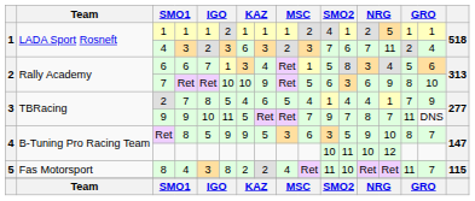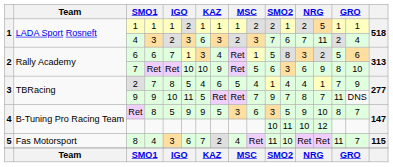 <table align=left| class="wikitable" style="font-size: 90%; text-align: center">
 <tr valign="top">
 <th valign="middle"></th>
 <th valign="middle">Team</th>
 <th colspan=2><a href='#'>SMO1</a></th>
 <th colspan=2><a href='#'>IGO</a></th>
 <th colspan=2><a href='#'>KAZ</a></th>
 <th colspan=2><a href='#'>MSC</a></th>
 <th colspan=2><a href='#'>SMO2</a></th>
 <th colspan=2><a href='#'>NRG</a></th>
 <th colspan=2><a href='#'>GRO</a></th>
 <th valign="middle"></th>
 </tr>
 <tr>
 <th rowspan="2">1</th>
 <td rowspan="2" align=left><a href='#'>LADA Sport</a> <a href='#'>Rosneft</a></td>
 <td style="background:#ffffbf;">1</td>
 <td style="background:#ffffbf;">1</td>
 <td style="background:#ffffbf;">1</td>
 <td style="background:#dfdfdf;">2</td>
 <td style="background:#ffffbf;">1</td>
 <td style="background:#ffffbf;">1</td>
 <td style="background:#ffffbf;">1</td>
 <td style="background:#dfdfdf;">2</td>
-<td style="background:#dfdfdf;">4</td>
+<td style="background:#dfdfdf;">2</td>
 <td style="background:#ffffbf;">1</td>
 <td style="background:#dfdfdf;">2</td>
 <td style="background:#ffdf9f;">5</td>
 <td style="background:#ffffbf;">1</td>
 <td style="background:#ffffbf;">1</td>
 <th rowspan="2">518</th>
 </tr>
 <tr>
 <td style="background:#dfffdf;">4</td>
 <td style="background:#ffdf9f;">3</td>
 <td style="background:#dfdfdf;">2</td>
 <td style="background:#ffdf9f;">3</td>
 <td style="background:#dfffdf;">6</td>
 <td style="background:#ffdf9f;">3</td>
 <td style="background:#dfdfdf;">2</td>
 <td style="background:#ffdf9f;">3</td>
 <td style="background:#dfffdf;">7</td>
 <td style="background:#dfffdf;">6</td>
 <td style="background:#dfffdf;">7</td>
 <td style="background:#dfffdf;">11</td>
 <td style="background:#dfdfdf;">2</td>
 <td style="background:#dfffdf;">4</td>
 </tr>
 <tr>
 <th rowspan="2">2</th>
 <td rowspan="2" align=left>Rally Academy</td>
 <td style="background:#dfffdf;">6</td>
 <td style="background:#dfffdf;">6</td>
 <td style="background:#dfffdf;">7</td>
 <td style="background:#ffffbf;">1</td>
 <td style="background:#ffdf9f;">3</td>
 <td style="background:#dfffdf;">4</td>
 <td style="background:#efcfff;">Ret</td>
 <td style="background:#ffffbf;">1</td>
 <td style="background:#dfffdf;">5</td>
 <td style="background:#dfdfdf;">8</td>
 <td style="background:#ffdf9f;">3</td>
-<td style="background:#dfdfdf;">4</td>
+<td style="background:#dfdfdf;">2</td>
 <td style="background:#dfffdf;">5</td>
 <td style="background:#ffdf9f;">6</td>
 <th rowspan="2">313</th>
 </tr>
 <tr>
 <td style="background:#dfffdf;">7</td>
 <td style="background:#efcfff;">Ret</td>
 <td style="background:#efcfff;">Ret</td>
 <td style="background:#dfffdf;">10</td>
 <td style="background:#dfffdf;">10</td>
 <td style="background:#dfffdf;">9</td>
 <td style="background:#efcfff;">Ret</td>
 <td style="background:#dfffdf;">5</td>
 <td style="background:#dfffdf;">6</td>
 <td style="background:#ffdf9f;">3</td>
 <td style="background:#dfffdf;">6</td>
 <td style="background:#dfffdf;">9</td>
 <td style="background:#dfffdf;">8</td>
 <td style="background:#dfffdf;">10</td>
 </tr>
 <tr>
 <th rowspan="2">3</th>
 <td rowspan="2" align=left>TBRacing</td>
 <td style="background:#dfdfdf;">2</td>
 <td style="background:#dfffdf;">7</td>
 <td style="background:#dfffdf;">8</td>
 <td style="background:#dfffdf;">5</td>
 <td style="background:#dfffdf;">4</td>
 <td style="background:#dfffdf;">6</td>
 <td style="background:#dfffdf;">5</td>
 <td style="background:#dfffdf;">4</td>
 <td style="background:#ffffbf;">1</td>
 <td style="background:#dfffdf;">4</td>
 <td style="background:#dfffdf;">4</td>
 <td style="background:#ffffbf;">1</td>
 <td style="background:#dfffdf;">7</td>
 <td style="background:#dfffdf;">9</td>
 <th rowspan="2">277</th>
 </tr>
 <tr>
 <td style="background:#dfffdf;">9</td>
 <td style="background:#dfffdf;">9</td>
 <td style="background:#dfffdf;">10</td>
 <td style="background:#dfffdf;">11</td>
 <td style="background:#dfffdf;">5</td>
 <td style="background:#efcfff;">Ret</td>
 <td style="background:#efcfff;">Ret</td>
 <td style="background:#dfffdf;">7</td>
 <td style="background:#dfffdf;">9</td>
 <td style="background:#dfffdf;">7</td>
 <td style="background:#dfffdf;">8</td>
 <td style="background:#dfffdf;">7</td>
 <td style="background:#dfffdf;">11</td>
 <td>DNS</td>
 </tr>
 <tr>
 <th rowspan="2">4</th>
 <td rowspan="2" align=left>B-Tuning Pro Racing Team</td>
 <td style="background:#efcfff;">Ret</td>
 <td style="background:#dfffdf;">8</td>
 <td style="background:#dfffdf;">5</td>
 <td style="background:#dfffdf;">9</td>
 <td style="background:#dfffdf;">9</td>
 <td style="background:#dfffdf;">5</td>
 <td style="background:#ffdf9f;">3</td>
 <td style="background:#dfffdf;">6</td>
 <td style="background:#ffdf9f;">3</td>
 <td style="background:#dfffdf;">5</td>
 <td style="background:#dfffdf;">9</td>
 <td style="background:#dfffdf;">10</td>
 <td style="background:#dfffdf;">8</td>
 <td style="background:#dfffdf;">7</td>
 <th rowspan="2">147</th>
 </tr>
 <tr>
 <td></td>
 <td></td>
 <td></td>
 <td></td>
 <td></td>
 <td></td>
 <td></td>
 <td></td>
 <td style="background:#dfffdf;">10</td>
 <td style="background:#dfffdf;">11</td>
 <td style="background:#dfffdf;">10</td>
 <td style="background:#dfffdf;">12</td>
 <td></td>
 <td></td>
 </tr>
 <tr>
 <th>5</th>
 <td align=left>Fas Motorsport</td>
 <td style="background:#dfffdf;">8</td>
 <td style="background:#dfffdf;">4</td>
 <td style="background:#ffdf9f;">3</td>
-<td style="background:#dfffdf;">8</td>
-<td style="background:#dfffdf;">2</td>
+<td style="background:#dfffdf;">6</td>
+<td style="background:#dfffdf;">7</td>
 <td style="background:#dfdfdf;">2</td>
 <td style="background:#dfffdf;">4</td>
 <td style="background:#efcfff;">Ret</td>
 <td style="background:#dfffdf;">11</td>
 <td style="background:#dfffdf;">10</td>
 <td style="background:#efcfff;">Ret</td>
 <td style="background:#efcfff;">Ret</td>
 <td style="background:#dfffdf;">11</td>
 <td style="background:#dfffdf;">7</td>
 <th>115</th>
 </tr>
 <tr>
 </tr>
 <tr valign="top">
 <th valign="middle"></th>
 <th valign="middle">Team</th>
 <th colspan=2><a href='#'>SMO1</a></th>
 <th colspan=2><a href='#'>IGO</a></th>
 <th colspan=2><a href='#'>KAZ</a></th>
 <th colspan=2><a href='#'>MSC</a></th>
 <th colspan=2><a href='#'>SMO2</a></th>
 <th colspan=2><a href='#'>NRG</a></th>
 <th colspan=2><a href='#'>GRO</a></th>
 <th valign="middle"></th>
 </tr>
 </table>
